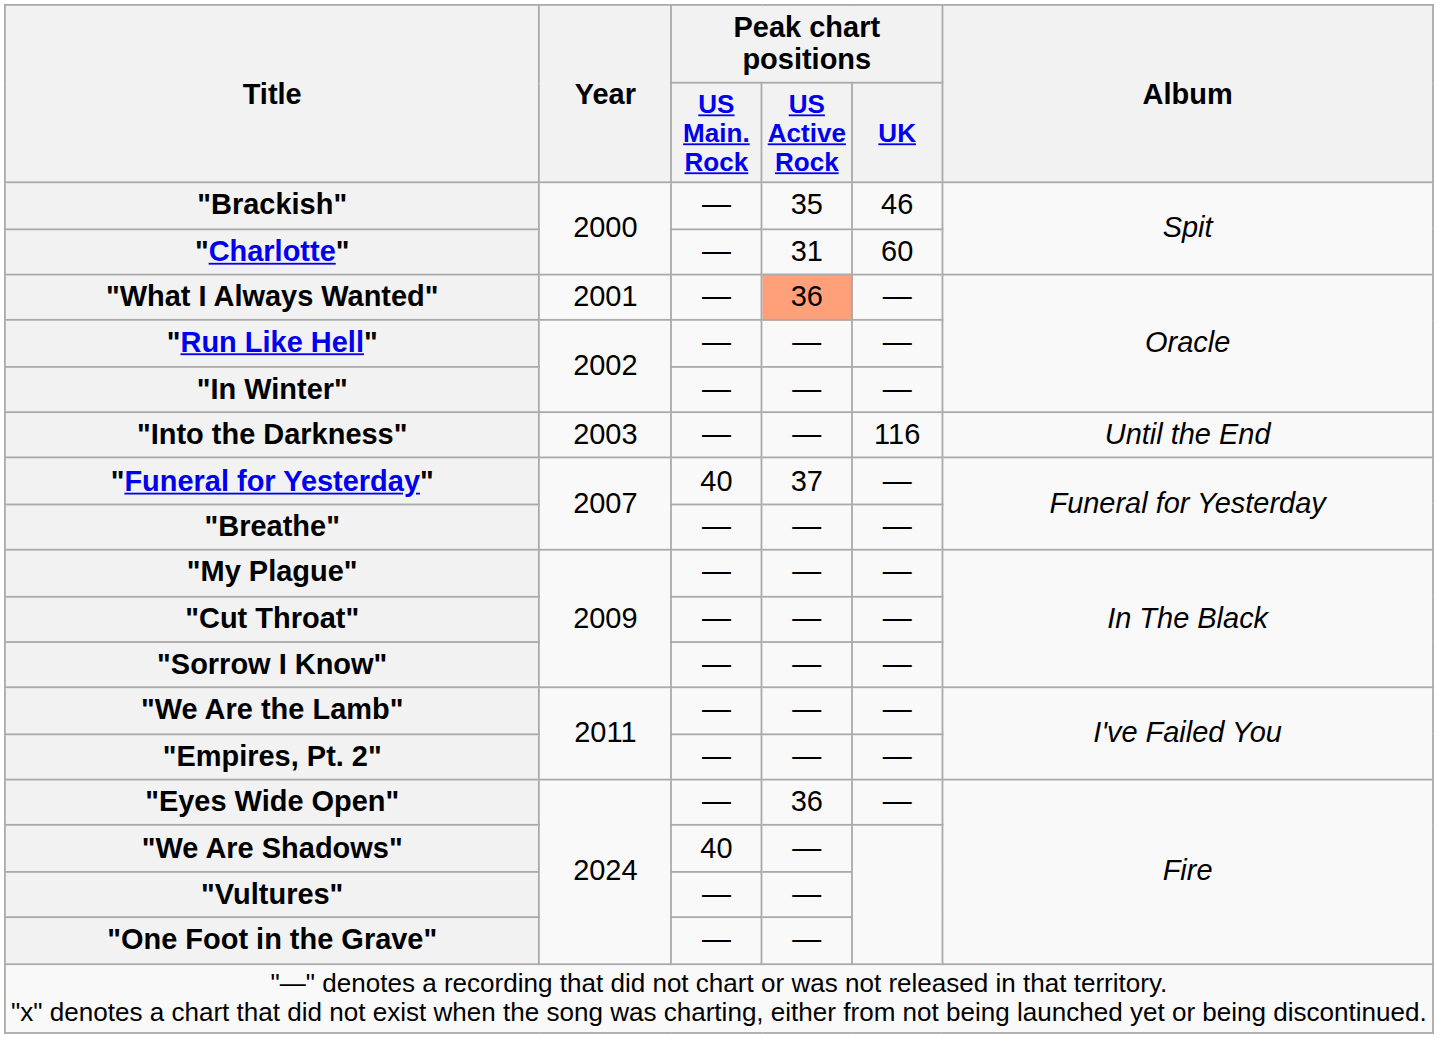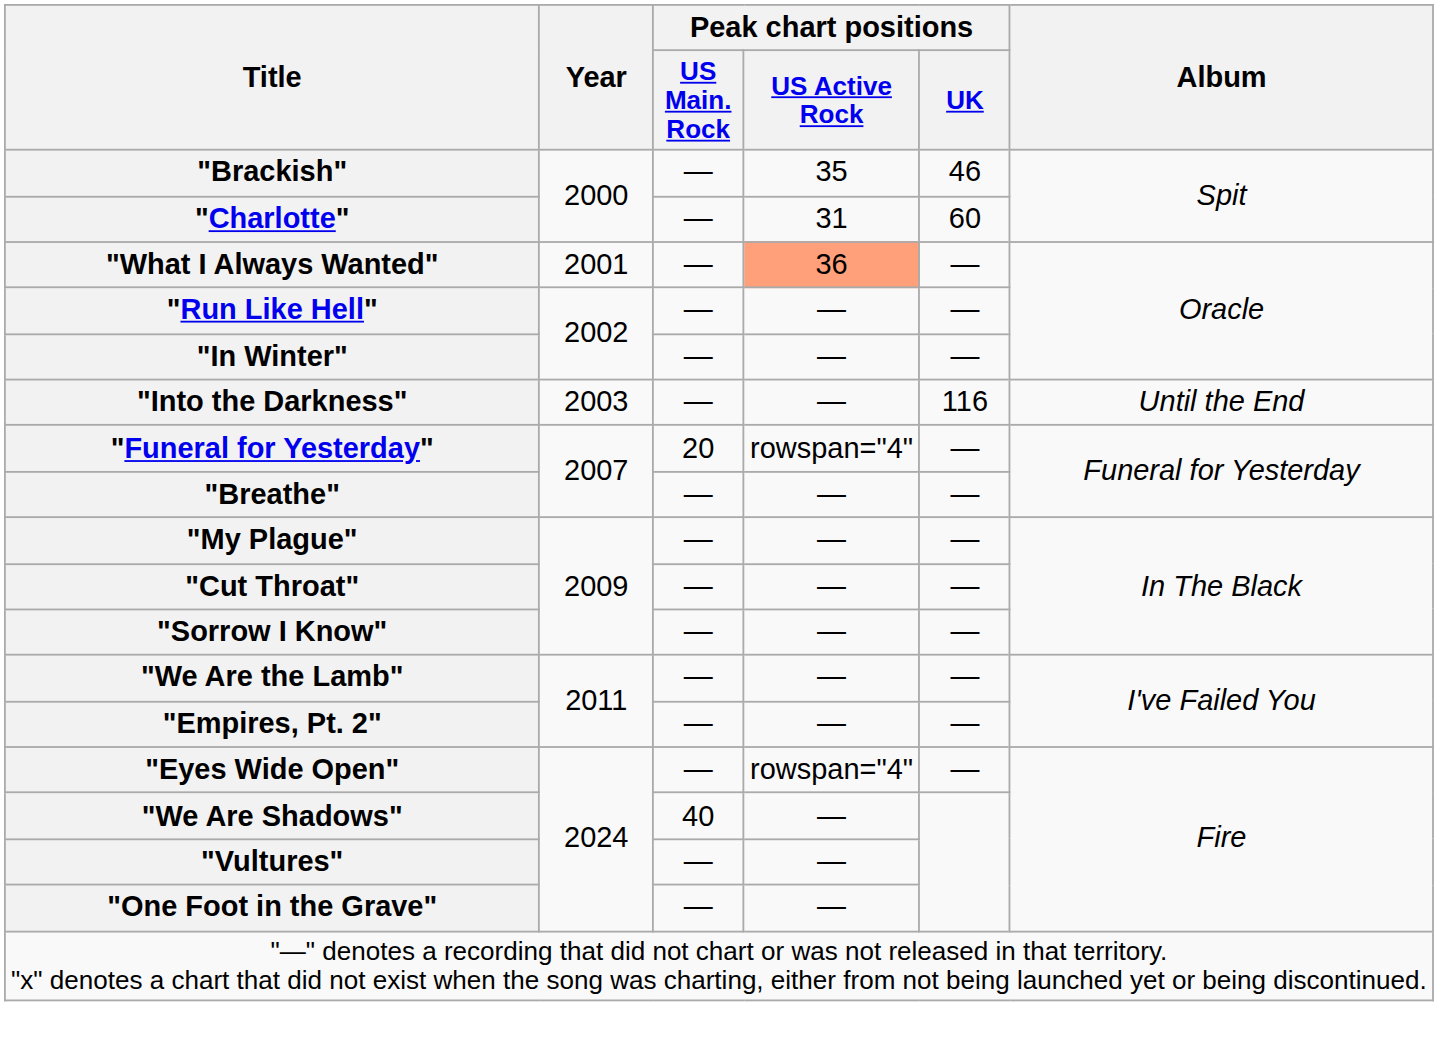 <table class="wikitable plainrowheaders" style="text-align:center;">
 <tr>
 <th scope="col" rowspan="2" style="width:18em;">Title</th>
 <th scope="col" rowspan="2">Year</th>
 <th scope="col" colspan="3">Peak chart positions</th>
 <th scope="col" rowspan="2">Album</th>
 </tr>
 <tr>
 <th scope="col" style="width:3em;font-size:90%;"><a href='#'>US<br>Main. Rock</a><br></th>
 <th scope="col" style="width:3em;font-size:90%;"><a href='#'>US Active Rock</a><br></th>
 <th scope="col" style="width:3em;font-size:90%;"><a href='#'>UK</a><br></th>
 </tr>
 <tr>
 <th scope="row">"Brackish"</th>
 <td rowspan="2">2000</td>
 <td>—</td>
 <td>35</td>
 <td>46</td>
 <td rowspan="2"><em>Spit</em></td>
 </tr>
 <tr>
 <th scope="row">"<a href='#'>Charlotte</a>"</th>
 <td>—</td>
 <td>31</td>
 <td>60</td>
 </tr>
 <tr>
 <th scope="row">"What I Always Wanted"</th>
 <td>2001</td>
 <td>—</td>
 <td style="background: lightsalmon;">36</td>
 <td>—</td>
 <td rowspan="3"><em>Oracle</em></td>
 </tr>
 <tr>
 <th scope="row">"<a href='#'>Run Like Hell</a>"</th>
 <td rowspan="2">2002</td>
 <td>—</td>
 <td>—</td>
 <td>—</td>
 </tr>
 <tr>
 <th scope="row">"In Winter"</th>
 <td>—</td>
 <td>—</td>
 <td>—</td>
 </tr>
 <tr>
 <th scope="row">"Into the Darkness"</th>
 <td>2003</td>
 <td>—</td>
 <td>—</td>
 <td>116</td>
 <td><em>Until the End</em></td>
 </tr>
 <tr>
 <th scope="row">"<a href='#'>Funeral for Yesterday</a>"</th>
 <td rowspan="2">2007</td>
-<td>40</td>
-<td>37</td>
+<td>20</td>
+<td>rowspan="4" </td>
 <td>—</td>
 <td rowspan="2"><em>Funeral for Yesterday</em></td>
 </tr>
 <tr>
 <th scope="row">"Breathe"</th>
 <td>—</td>
 <td>—</td>
 <td>—</td>
 </tr>
 <tr>
 <th scope="row">"My Plague"</th>
 <td rowspan="3">2009</td>
 <td>—</td>
 <td>—</td>
 <td>—</td>
 <td rowspan="3"><em>In The Black</em></td>
 </tr>
 <tr>
 <th scope="row">"Cut Throat"</th>
 <td>—</td>
 <td>—</td>
 <td>—</td>
 </tr>
 <tr>
 <th scope="row">"Sorrow I Know"</th>
 <td>—</td>
 <td>—</td>
 <td>—</td>
 </tr>
 <tr>
 <th scope="row">"We Are the Lamb"</th>
 <td rowspan="2">2011</td>
 <td>—</td>
 <td>—</td>
 <td>—</td>
 <td rowspan="2"><em>I've Failed You</em></td>
 </tr>
 <tr>
 <th scope="row">"Empires, Pt. 2"</th>
 <td>—</td>
 <td>—</td>
 <td>—</td>
 </tr>
 <tr>
 <th scope="row">"Eyes Wide Open"</th>
 <td rowspan="4">2024</td>
 <td>—</td>
-<td>36</td>
+<td>rowspan="4" </td>
 <td>—</td>
 <td rowspan="4"><em>Fire</em></td>
 </tr>
 <tr>
 <th scope="row">"We Are Shadows"</th>
 <td>40</td>
 <td>—</td>
 </tr>
 <tr>
 <th scope="row">"Vultures"</th>
 <td>—</td>
 <td>—</td>
 </tr>
 <tr>
 <th scope="row">"One Foot in the Grave"</th>
 <td>—</td>
 <td>—</td>
 </tr>
 <tr>
 <td colspan="7" style="font-size:90%">"—" denotes a recording that did not chart or was not released in that territory.<br>"x" denotes a chart that did not exist when the song was charting, either from not being launched yet or being discontinued.</td>
 </tr>
 </table>
